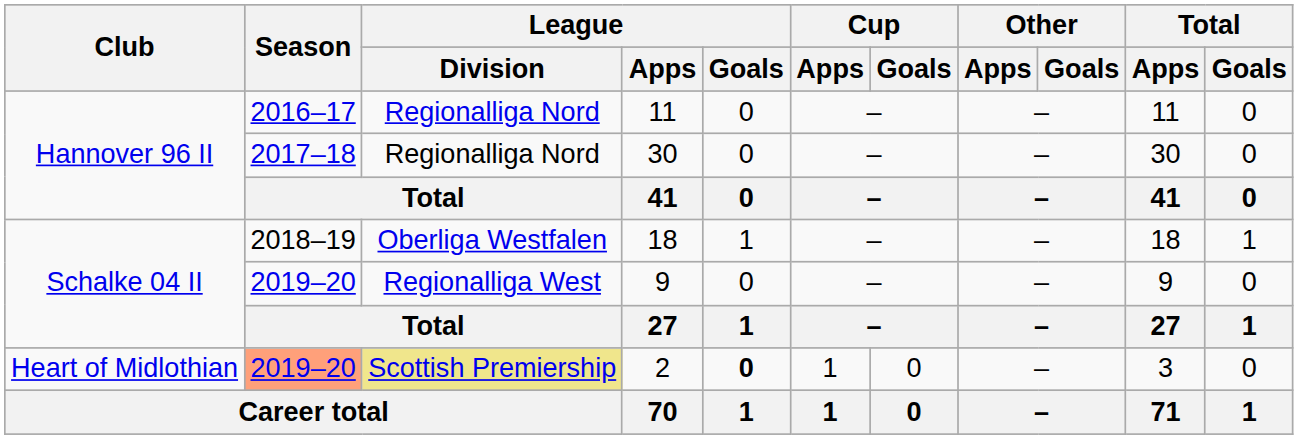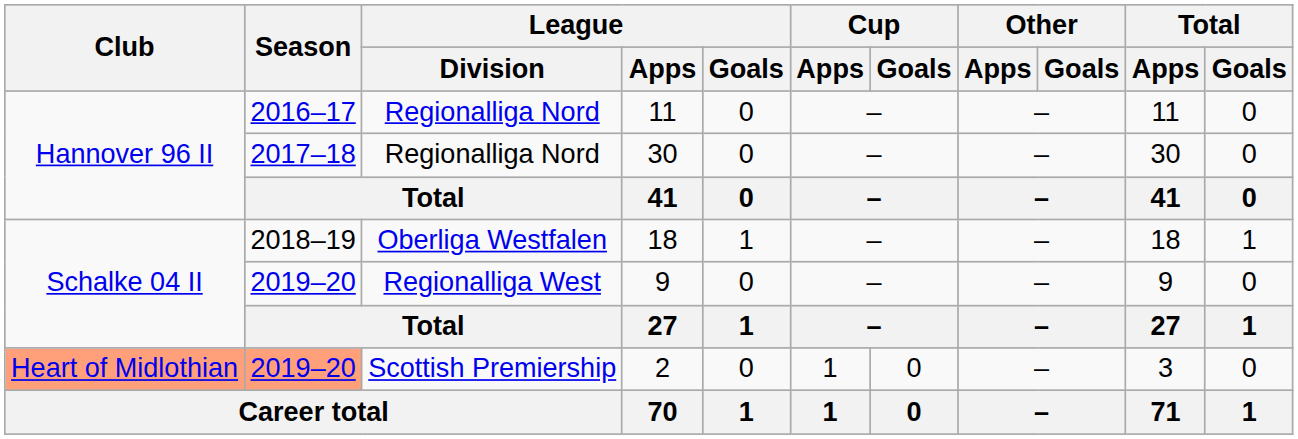 <table class="wikitable" style="text-align:center">
 <tr>
 <th rowspan="2">Club</th>
 <th rowspan="2">Season</th>
 <th colspan="3">League</th>
 <th colspan="2">Cup</th>
 <th colspan="2">Other</th>
 <th colspan="2">Total</th>
 </tr>
 <tr>
 <th>Division</th>
 <th>Apps</th>
 <th>Goals</th>
 <th>Apps</th>
 <th>Goals</th>
 <th>Apps</th>
 <th>Goals</th>
 <th>Apps</th>
 <th>Goals</th>
 </tr>
 <tr>
 <td rowspan="3"><a href='#'>Hannover 96 II</a></td>
 <td><a href='#'>2016–17</a></td>
 <td><a href='#'>Regionalliga Nord</a></td>
 <td>11</td>
 <td>0</td>
 <td colspan="2">–</td>
 <td colspan="2">–</td>
 <td>11</td>
 <td>0</td>
 </tr>
 <tr>
 <td><a href='#'>2017–18</a></td>
 <td>Regionalliga Nord</td>
 <td>30</td>
 <td>0</td>
 <td colspan="2">–</td>
 <td colspan="2">–</td>
 <td>30</td>
 <td>0</td>
 </tr>
 <tr>
 <th colspan="2">Total</th>
 <th>41</th>
 <th>0</th>
 <th colspan="2">–</th>
 <th colspan="2">–</th>
 <th>41</th>
 <th>0</th>
 </tr>
 <tr>
 <td rowspan="3"><a href='#'>Schalke 04 II</a></td>
 <td>2018–19</td>
 <td><a href='#'>Oberliga Westfalen</a></td>
 <td>18</td>
 <td>1</td>
 <td colspan="2">–</td>
 <td colspan="2">–</td>
 <td>18</td>
 <td>1</td>
 </tr>
 <tr>
 <td><a href='#'>2019–20</a></td>
 <td><a href='#'>Regionalliga West</a></td>
 <td>9</td>
 <td>0</td>
 <td colspan="2">–</td>
 <td colspan="2">–</td>
 <td>9</td>
 <td>0</td>
 </tr>
 <tr>
 <th colspan="2">Total</th>
 <th>27</th>
 <th>1</th>
 <th colspan="2">–</th>
 <th colspan="2">–</th>
 <th>27</th>
 <th>1</th>
 </tr>
 <tr>
-<td><a href='#'>Heart of Midlothian</a></td>
+<td style="background: lightsalmon;"><a href='#'>Heart of Midlothian</a></td>
 <td style="background: lightsalmon;"><a href='#'>2019–20</a></td>
-<td style="background: khaki;"><a href='#'>Scottish Premiership</a></td>
+<td><a href='#'>Scottish Premiership</a></td>
 <td>2</td>
-<td><strong>0</strong></td>
+<td>0</td>
 <td>1</td>
 <td>0</td>
 <td colspan="2">–</td>
 <td>3</td>
 <td>0</td>
 </tr>
 <tr>
 <th colspan="3">Career total</th>
 <th>70</th>
 <th>1</th>
 <th>1</th>
 <th>0</th>
 <th colspan="2">–</th>
 <th>71</th>
 <th>1</th>
 </tr>
 </table>
